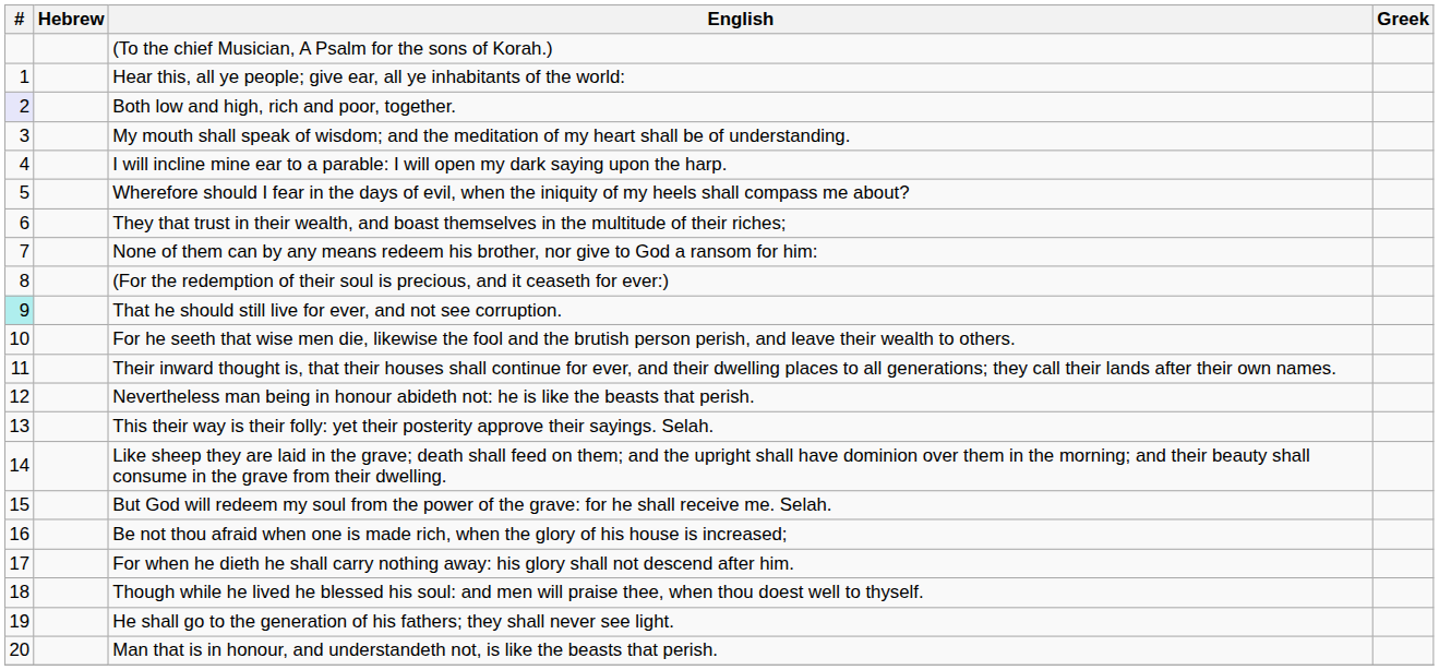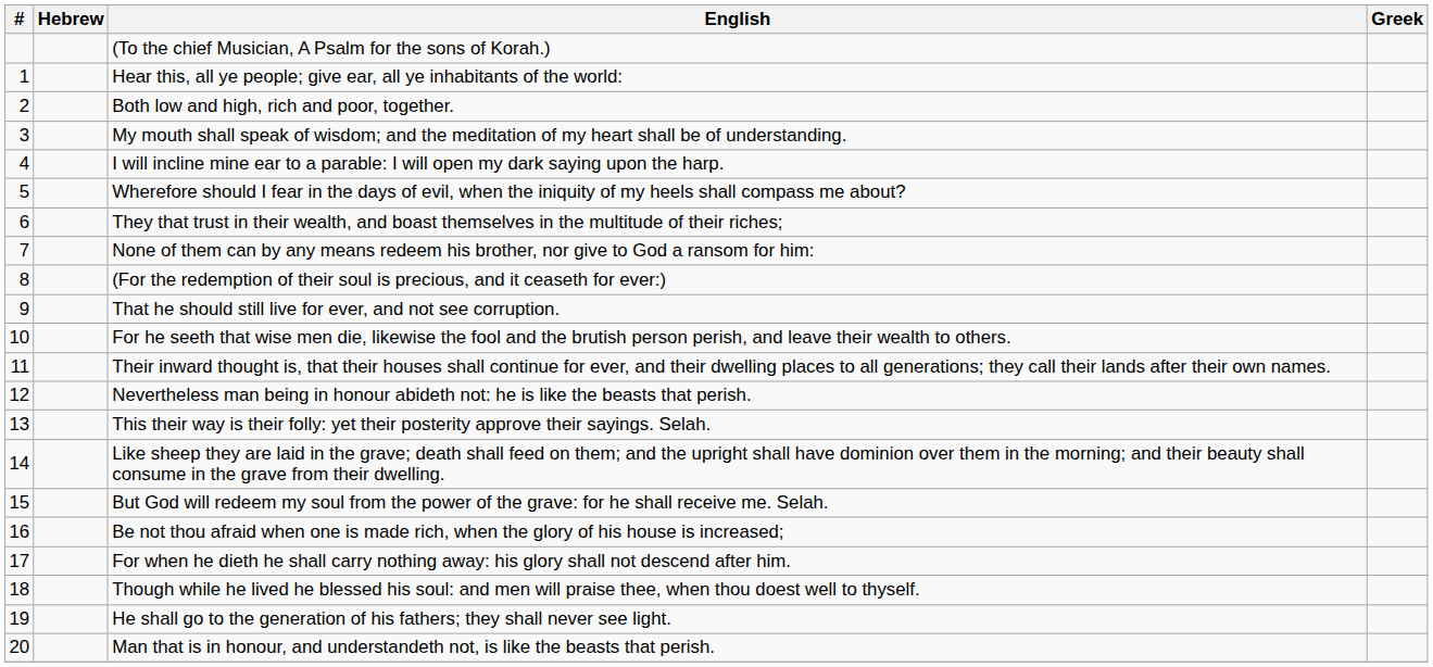 <table class=wikitable>
 <tr>
 <th>#</th>
 <th>Hebrew</th>
 <th>English</th>
 <th>Greek</th>
 </tr>
 <tr>
 <td style="text-align:right"></td>
 <td style="text-align:right"></td>
 <td>(To the chief Musician, A Psalm for the sons of Korah.)</td>
 <td></td>
 </tr>
 <tr>
 <td style="text-align:right">1</td>
 <td style="text-align:right"></td>
 <td>Hear this, all ye people; give ear, all ye inhabitants of the world:</td>
 <td></td>
 </tr>
 <tr>
-<td style="background: lavender; text-align:right">2</td>
+<td style="text-align:right">2</td>
 <td style="text-align:right"></td>
 <td>Both low and high, rich and poor, together.</td>
 <td></td>
 </tr>
 <tr>
 <td style="text-align:right">3</td>
 <td style="text-align:right"></td>
 <td>My mouth shall speak of wisdom; and the meditation of my heart shall be of understanding.</td>
 <td></td>
 </tr>
 <tr>
 <td style="text-align:right">4</td>
 <td style="text-align:right"></td>
 <td>I will incline mine ear to a parable: I will open my dark saying upon the harp.</td>
 <td></td>
 </tr>
 <tr>
 <td style="text-align:right">5</td>
 <td style="text-align:right"></td>
 <td>Wherefore should I fear in the days of evil, when the iniquity of my heels shall compass me about?</td>
 <td></td>
 </tr>
 <tr>
 <td style="text-align:right">6</td>
 <td style="text-align:right"></td>
 <td>They that trust in their wealth, and boast themselves in the multitude of their riches;</td>
 <td></td>
 </tr>
 <tr>
 <td style="text-align:right">7</td>
 <td style="text-align:right"></td>
 <td>None of them can by any means redeem his brother, nor give to God a ransom for him:</td>
 <td></td>
 </tr>
 <tr>
 <td style="text-align:right">8</td>
 <td style="text-align:right"></td>
 <td>(For the redemption of their soul is precious, and it ceaseth for ever:)</td>
 <td></td>
 </tr>
 <tr>
-<td style="background: paleturquoise; text-align:right">9</td>
+<td style="text-align:right">9</td>
 <td style="text-align:right"></td>
 <td>That he should still live for ever, and not see corruption.</td>
 <td></td>
 </tr>
 <tr>
 <td style="text-align:right">10</td>
 <td style="text-align:right"></td>
 <td>For he seeth that wise men die, likewise the fool and the brutish person perish, and leave their wealth to others.</td>
 <td></td>
 </tr>
 <tr>
 <td style="text-align:right">11</td>
 <td style="text-align:right"></td>
 <td>Their inward thought is, that their houses shall continue for ever, and their dwelling places to all generations; they call their lands after their own names.</td>
 <td></td>
 </tr>
 <tr>
 <td style="text-align:right">12</td>
 <td style="text-align:right"></td>
 <td>Nevertheless man being in honour abideth not: he is like the beasts that perish.</td>
 <td></td>
 </tr>
 <tr>
 <td style="text-align:right">13</td>
 <td style="text-align:right"></td>
 <td>This their way is their folly: yet their posterity approve their sayings. Selah.</td>
 <td></td>
 </tr>
 <tr>
 <td style="text-align:right">14</td>
 <td style="text-align:right"></td>
 <td>Like sheep they are laid in the grave; death shall feed on them; and the upright shall have dominion over them in the morning; and their beauty shall consume in the grave from their dwelling.</td>
 <td></td>
 </tr>
 <tr>
 <td style="text-align:right">15</td>
 <td style="text-align:right"></td>
 <td>But God will redeem my soul from the power of the grave: for he shall receive me. Selah.</td>
 <td></td>
 </tr>
 <tr>
 <td style="text-align:right">16</td>
 <td style="text-align:right"></td>
 <td>Be not thou afraid when one is made rich, when the glory of his house is increased;</td>
 <td></td>
 </tr>
 <tr>
 <td style="text-align:right">17</td>
 <td style="text-align:right"></td>
 <td>For when he dieth he shall carry nothing away: his glory shall not descend after him.</td>
 <td></td>
 </tr>
 <tr>
 <td style="text-align:right">18</td>
 <td style="text-align:right"></td>
 <td>Though while he lived he blessed his soul: and men will praise thee, when thou doest well to thyself.</td>
 <td></td>
 </tr>
 <tr>
 <td style="text-align:right">19</td>
 <td style="text-align:right"></td>
 <td>He shall go to the generation of his fathers; they shall never see light.</td>
 <td></td>
 </tr>
 <tr>
 <td style="text-align:right">20</td>
 <td style="text-align:right"></td>
 <td>Man that is in honour, and understandeth not, is like the beasts that perish.</td>
 <td></td>
 </tr>
 <tr>
 </tr>
 </table>
